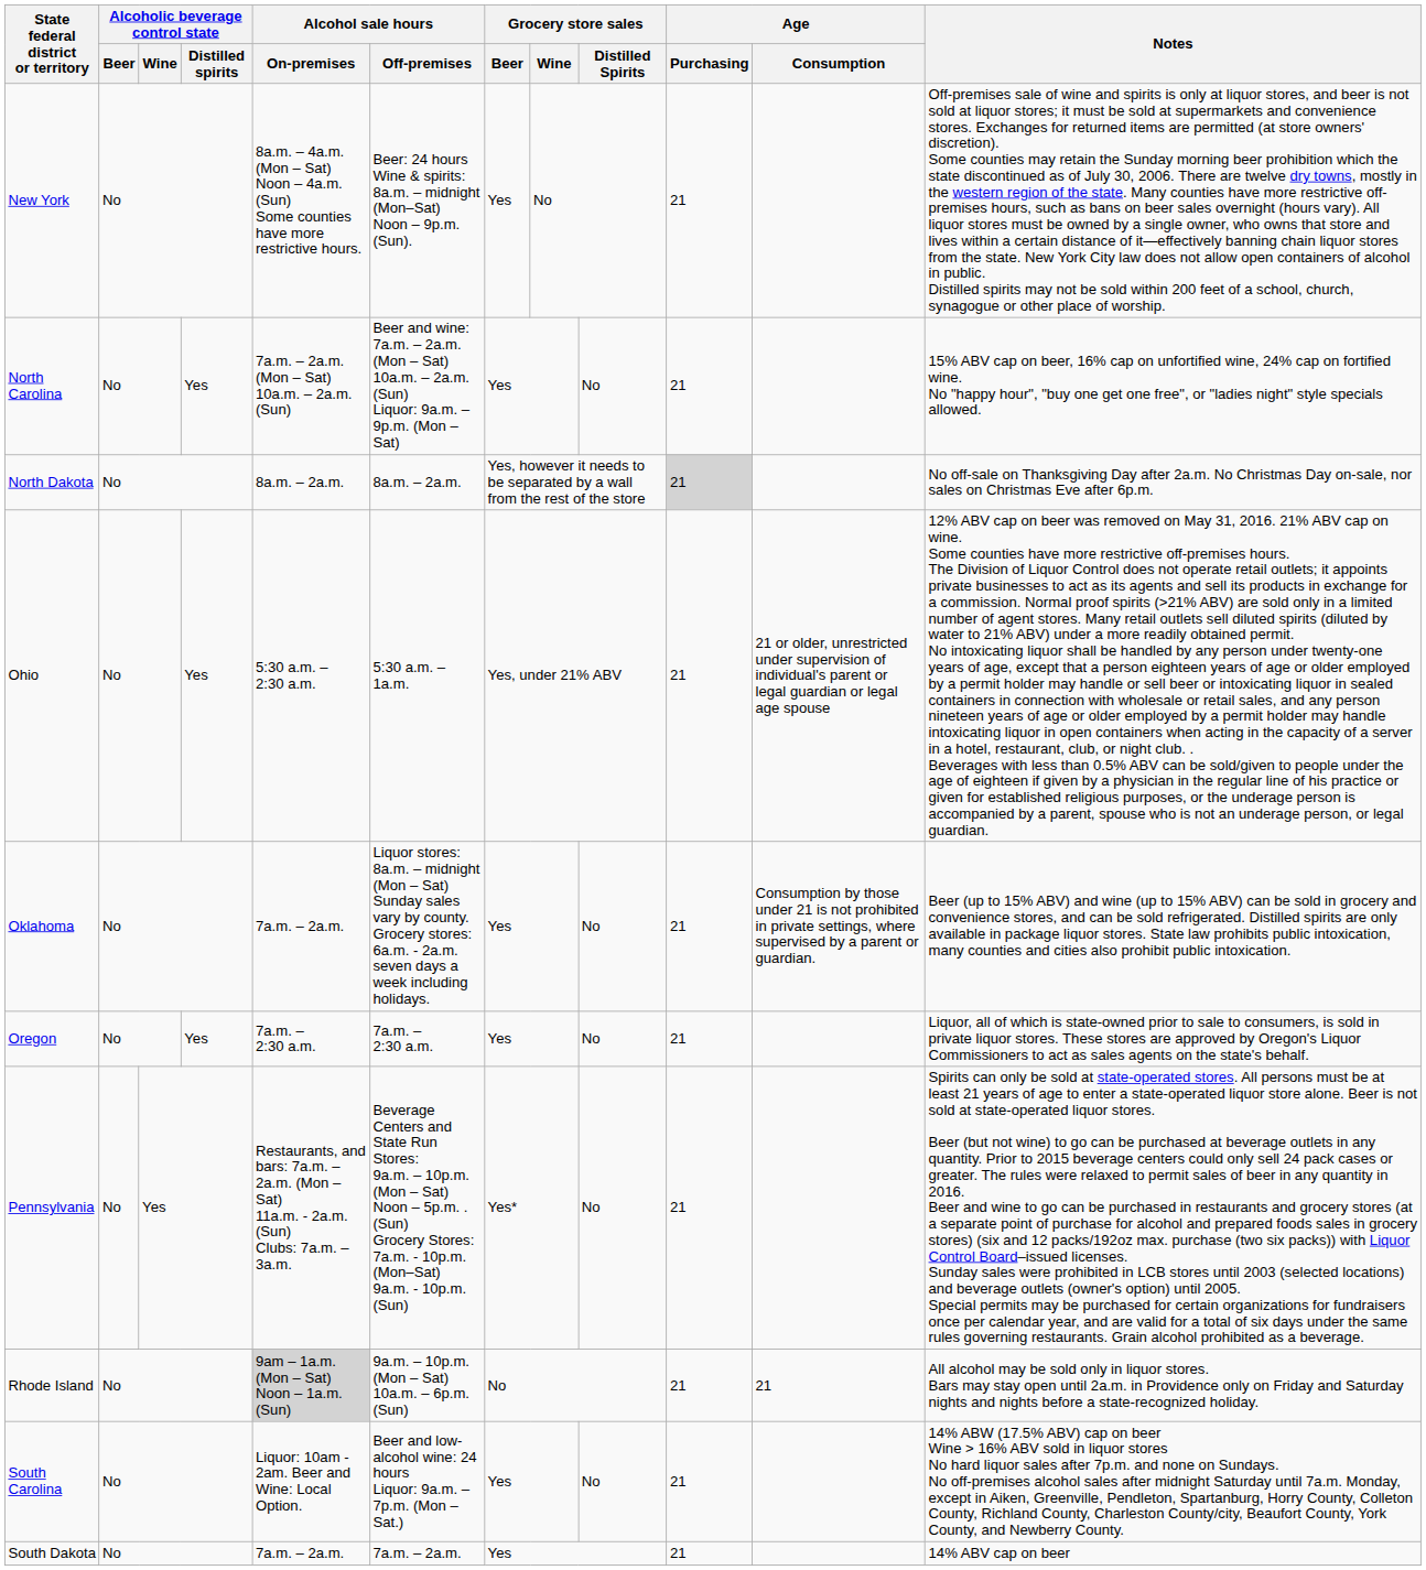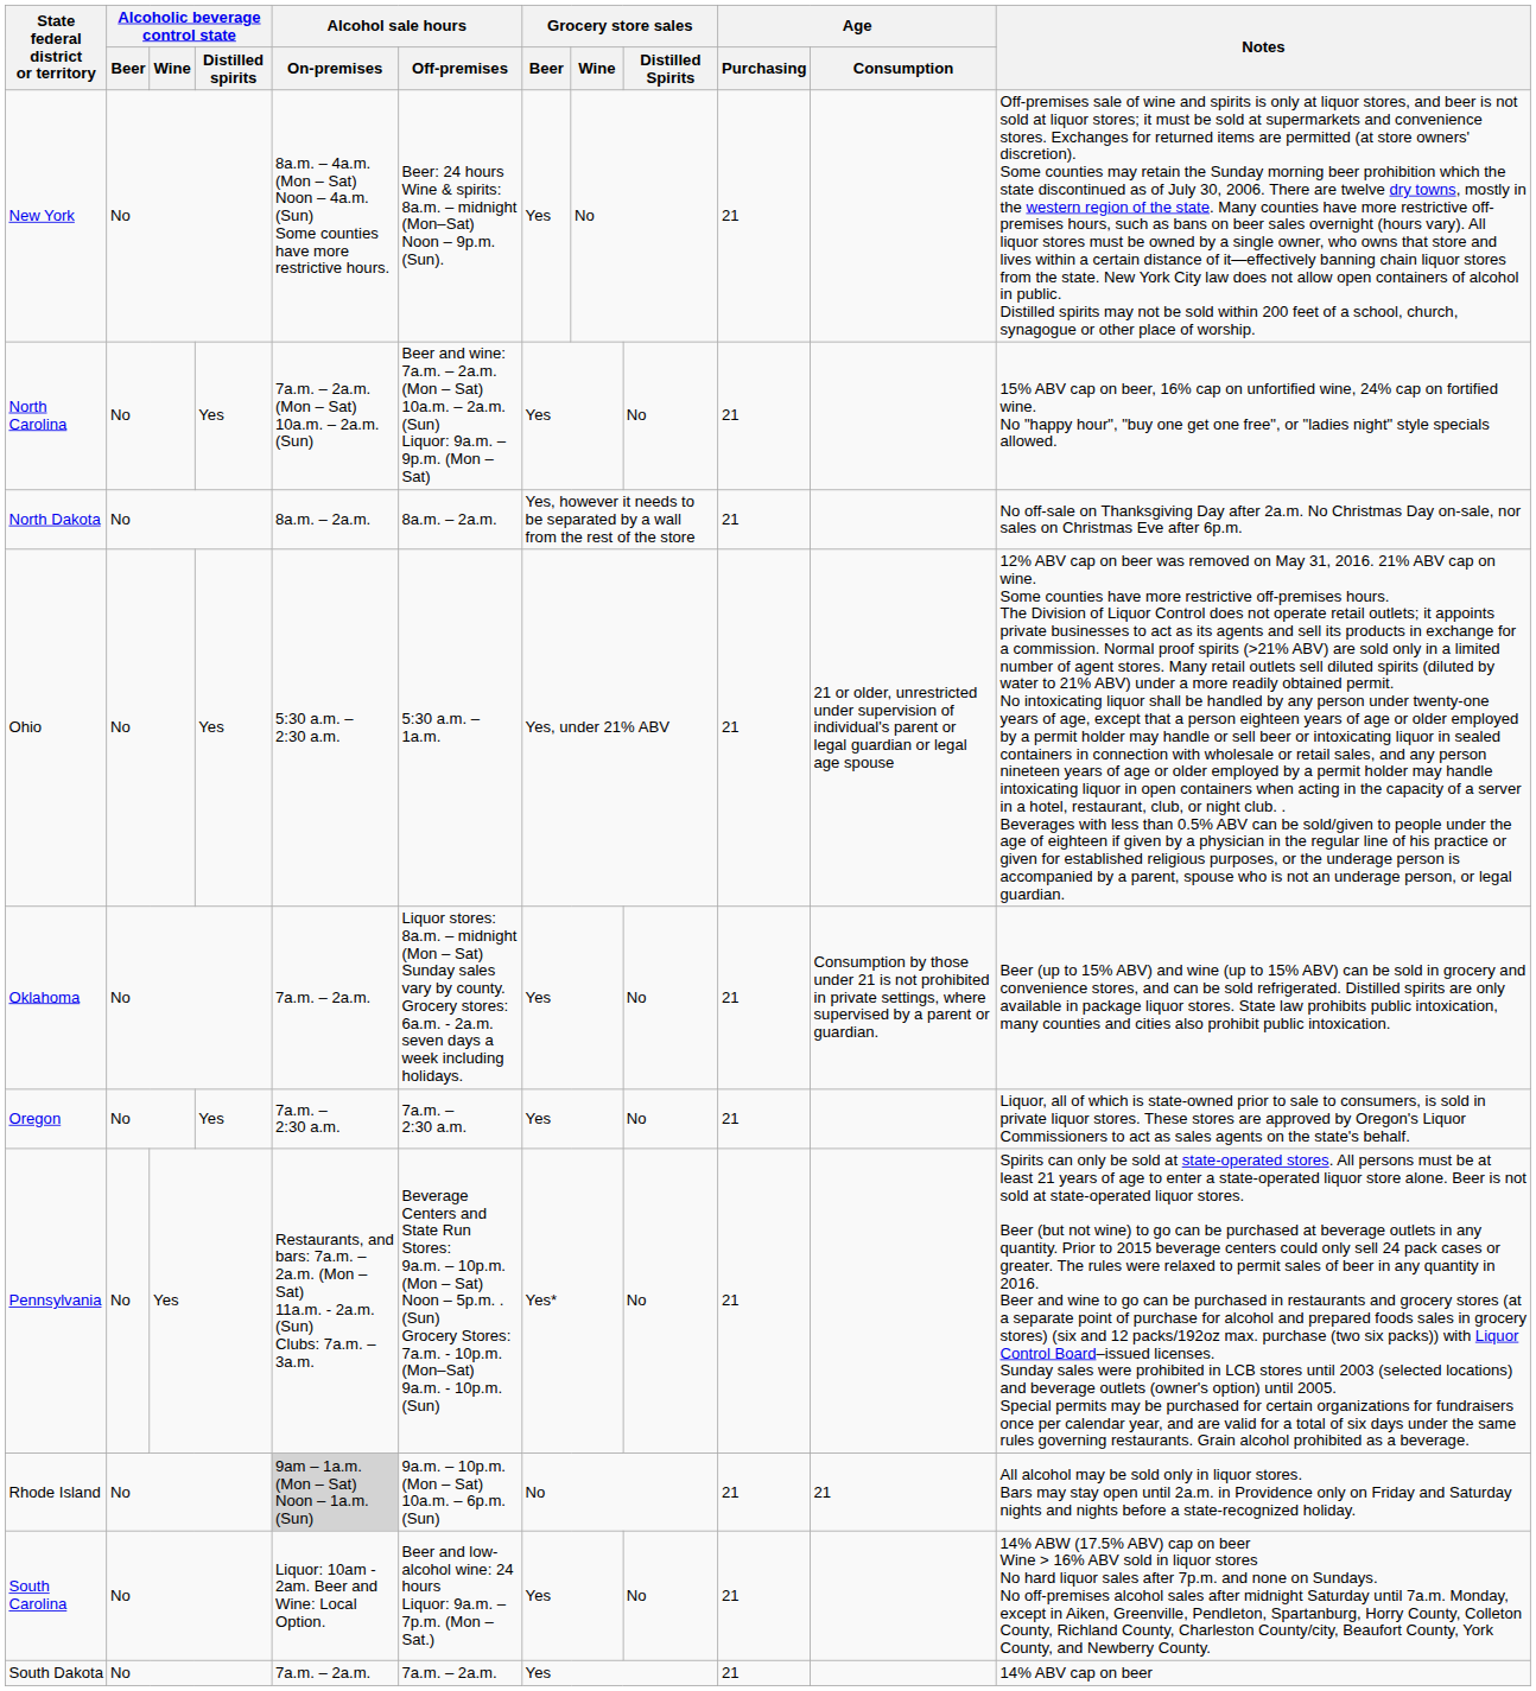 <table class="wikitable sortable sticky-header-multi sort-under">
 <tr>
 <th rowspan="2">State<br>federal district<br> or territory</th>
 <th colspan="3"><a href='#'>Alcoholic beverage control state</a></th>
 <th colspan="2">Alcohol sale hours</th>
 <th colspan="3">Grocery store sales</th>
 <th colspan="2">Age</th>
 <th rowspan="2" class="unsortable">Notes</th>
 </tr>
 <tr>
 <th>Beer</th>
 <th>Wine</th>
 <th>Distilled spirits</th>
 <th>On-premises</th>
 <th>Off-premises</th>
 <th>Beer</th>
 <th>Wine</th>
 <th>Distilled Spirits</th>
 <th>Purchasing</th>
 <th>Consumption</th>
 </tr>
 <tr>
 <td><a href='#'>New York</a></td>
 <td colspan="3">No</td>
 <td>8a.m. – 4a.m. (Mon – Sat) <br> Noon – 4a.m. (Sun) <br> Some counties have more restrictive hours.</td>
 <td>Beer: 24 hours <br> Wine & spirits: 8a.m. – midnight (Mon–Sat) <br> Noon – 9p.m. (Sun).</td>
 <td>Yes</td>
 <td colspan="2">No</td>
 <td>21</td>
 <td></td>
 <td>Off-premises sale of wine and spirits is only at liquor stores, and beer is not sold at liquor stores; it must be sold at supermarkets and convenience stores. Exchanges for returned items are permitted (at store owners' discretion).<br>Some counties may retain the Sunday morning beer prohibition which the state discontinued as of July 30, 2006. There are twelve <a href='#'>dry towns</a>, mostly in the <a href='#'>western region of the state</a>. Many counties have more restrictive off-premises hours, such as bans on beer sales overnight (hours vary). All liquor stores must be owned by a single owner, who owns that store and lives within a certain distance of it—effectively banning chain liquor stores from the state.   New York City law does not allow open containers of alcohol in public.<br>Distilled spirits may not be sold within 200 feet of a school, church, synagogue or other place of worship.</td>
 </tr>
 <tr>
 <td><a href='#'>North Carolina</a></td>
 <td colspan="2">No</td>
 <td>Yes</td>
 <td>7a.m. – 2a.m. (Mon – Sat) <br> 10a.m. – 2a.m. (Sun)</td>
 <td>Beer and wine: 7a.m. – 2a.m. (Mon – Sat) <br> 10a.m. – 2a.m. (Sun) <br> Liquor: 9a.m. – 9p.m. (Mon – Sat)</td>
 <td colspan="2">Yes</td>
 <td>No</td>
 <td>21</td>
 <td></td>
 <td>15% ABV cap on beer, 16% cap on unfortified wine, 24% cap on fortified wine. <br> No "happy hour", "buy one get one free", or "ladies night" style specials allowed.</td>
 </tr>
 <tr>
 <td><a href='#'>North Dakota</a></td>
 <td colspan="3">No</td>
 <td>8a.m. – 2a.m.</td>
 <td>8a.m. – 2a.m.</td>
 <td colspan="3">Yes, however it needs to be separated by a wall from the rest of the store</td>
-<td style="background: lightgrey;">21</td>
+<td>21</td>
 <td></td>
 <td>No off-sale on Thanksgiving Day after 2a.m. No Christmas Day on-sale, nor sales on Christmas Eve after 6p.m.</td>
 </tr>
 <tr>
 <td>Ohio</td>
 <td colspan="2">No</td>
 <td>Yes</td>
 <td>5:30 a.m. – 2:30 a.m.</td>
 <td>5:30 a.m. – 1a.m. <br></td>
 <td colspan="3">Yes, under 21% ABV</td>
 <td>21</td>
 <td>21 or older, unrestricted under supervision of individual's parent or legal guardian or legal age spouse</td>
 <td>12% ABV cap on beer was removed on May 31, 2016.  21% ABV cap on wine. <br>Some counties have more restrictive off-premises hours. <br>The Division of Liquor Control does not operate retail outlets; it appoints private businesses to act as its agents and sell its products in exchange for a commission.  Normal proof spirits (>21% ABV) are sold only in a limited number of agent stores.  Many retail outlets sell diluted spirits (diluted by water to 21% ABV) under a more readily obtained permit. <br>No intoxicating liquor shall be handled by any person under twenty-one years of age, except that a person eighteen years of age or older employed by a permit holder may handle or sell beer or intoxicating liquor in sealed containers in connection with wholesale or retail sales, and any person nineteen years of age or older employed by a permit holder may handle intoxicating liquor in open containers when acting in the capacity of a server in a hotel, restaurant, club, or night club.  .<br>Beverages with less than 0.5% ABV can be sold/given to people under the age of eighteen if given by a physician in the regular line of his practice or given for established religious purposes, or the underage person is accompanied by a parent, spouse who is not an underage person, or legal guardian.</td>
 </tr>
 <tr>
 <td><a href='#'>Oklahoma</a></td>
 <td colspan="3">No</td>
 <td>7a.m. – 2a.m.</td>
 <td>Liquor stores: 8a.m. – midnight (Mon – Sat)<br>Sunday sales vary by county.<br>Grocery stores: 6a.m. - 2a.m. seven days a week including holidays.</td>
 <td colspan="2">Yes</td>
 <td colspan="1">No</td>
 <td>21</td>
 <td>Consumption by those under 21 is not prohibited in private settings, where supervised by a parent or guardian.</td>
 <td>Beer (up to 15% ABV) and wine (up to 15% ABV) can be sold in grocery and convenience stores, and can be sold refrigerated. Distilled spirits are only available in package liquor stores. State law prohibits public intoxication, many counties and cities also prohibit public intoxication.</td>
 </tr>
 <tr>
 <td><a href='#'>Oregon</a></td>
 <td colspan="2">No</td>
 <td>Yes</td>
 <td>7a.m. – 2:30 a.m.</td>
 <td>7a.m. – 2:30 a.m.</td>
 <td colspan="2">Yes</td>
 <td>No</td>
 <td>21</td>
 <td></td>
 <td>Liquor, all of which is state-owned prior to sale to consumers, is sold in private liquor stores. These stores are approved by Oregon's Liquor Commissioners to act as sales agents on the state's behalf.</td>
 </tr>
 <tr>
 <td><a href='#'>Pennsylvania</a></td>
 <td>No</td>
 <td colspan="2">Yes</td>
 <td>Restaurants, and bars: 7a.m. – 2a.m. (Mon – Sat) <br> 11a.m. - 2a.m. (Sun) <br> Clubs: 7a.m. – 3a.m.</td>
 <td>Beverage Centers and State Run Stores:<br>9a.m. – 10p.m. (Mon – Sat) <br> Noon – 5p.m. .  (Sun)<br>Grocery Stores:<br>7a.m. - 10p.m. (Mon–Sat)<br>9a.m. - 10p.m. (Sun)</td>
 <td colspan="2">Yes*</td>
 <td>No</td>
 <td>21</td>
 <td></td>
 <td>Spirits can only be sold at <a href='#'>state-operated stores</a>. All persons must be at least 21 years of age to enter a state-operated liquor store alone. Beer is not sold at state-operated liquor stores.<br><br>Beer (but not wine) to go can be purchased at beverage outlets in any quantity.  Prior to 2015 beverage centers could only sell 24 pack cases or greater. The rules were relaxed to permit sales of beer in any quantity in 2016.<br>Beer and wine to go can be purchased in restaurants and grocery stores (at a separate point of purchase for alcohol and prepared foods sales in grocery stores) (six and 12 packs/192oz max. purchase (two six packs)) with <a href='#'>Liquor Control Board</a>–issued licenses.<br>Sunday sales were prohibited in LCB stores until 2003 (selected locations) and beverage outlets (owner's option) until 2005.<br>Special permits may be purchased for certain organizations for fundraisers once per calendar year, and are valid for a total of six days under the same rules governing restaurants.  Grain alcohol prohibited as a beverage.</td>
 </tr>
 <tr>
 <td>Rhode Island</td>
 <td colspan="3">No</td>
 <td style="background: lightgrey;">9am – 1a.m. (Mon – Sat) <br> Noon – 1a.m. (Sun)</td>
 <td>9a.m. – 10p.m. (Mon – Sat) <br> 10a.m. – 6p.m. (Sun)</td>
 <td colspan="3">No</td>
 <td>21</td>
 <td>21</td>
 <td>All alcohol may be sold only in liquor stores. <br> Bars may stay open until 2a.m. in Providence only on Friday and Saturday nights and nights before a state-recognized holiday.</td>
 </tr>
 <tr>
 <td><a href='#'>South Carolina</a></td>
 <td colspan="3">No</td>
 <td>Liquor: 10am - 2am. Beer and Wine: Local Option.</td>
 <td>Beer and low-alcohol wine: 24 hours <br> Liquor: 9a.m. – 7p.m. (Mon – Sat.)</td>
 <td colspan="2">Yes</td>
 <td>No</td>
 <td>21</td>
 <td></td>
 <td>14% ABW (17.5% ABV) cap on beer<br>Wine > 16% ABV sold in liquor stores<br>No hard liquor sales after 7p.m. and none on Sundays.<br> No off-premises alcohol sales after midnight Saturday until 7a.m. Monday, except in Aiken, Greenville, Pendleton, Spartanburg, Horry County, Colleton County, Richland County, Charleston County/city, Beaufort County, York County, and Newberry County.</td>
 </tr>
 <tr>
 <td>South Dakota</td>
 <td colspan="3">No</td>
 <td>7a.m. – 2a.m.</td>
 <td>7a.m. – 2a.m.</td>
 <td colspan="3">Yes</td>
 <td>21</td>
 <td></td>
 <td>14% ABV cap on beer</td>
 </tr>
 </table>
